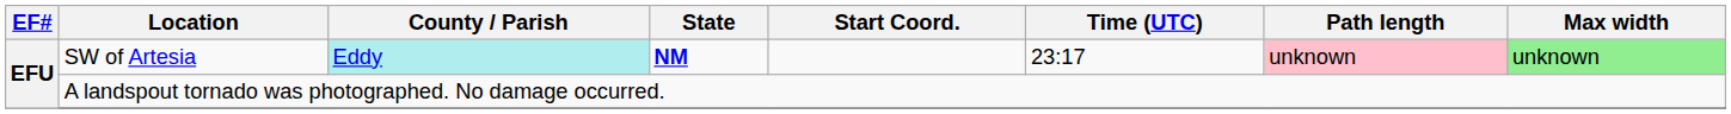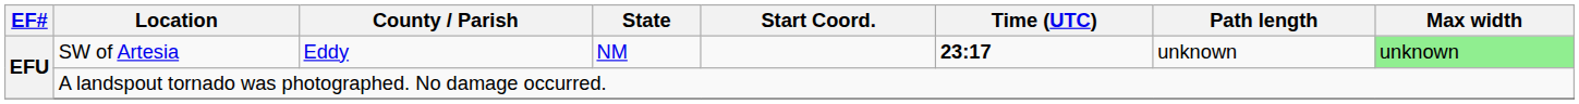 <table class="wikitable sortable" style="width:100%;">
 <tr>
 <th scope="col" width="2%" align="center"><a href='#'>EF#</a></th>
 <th scope="col" align="center" class="unsortable">Location</th>
 <th scope="col" align="center" class="unsortable">County / Parish</th>
 <th scope="col" align="center">State</th>
 <th scope="col" align="center">Start Coord.</th>
 <th scope="col" align="center">Time (<a href='#'>UTC</a>)</th>
 <th scope="col" align="center">Path length</th>
 <th scope="col" align="center">Max width</th>
 </tr>
 <tr>
 <th scope="row" rowspan="2" style="background-color:#">EFU</th>
 <td>SW of <a href='#'>Artesia</a></td>
-<td style="background: paleturquoise;"><a href='#'>Eddy</a></td>
-<td><strong><a href='#'>NM</a></strong></td>
+<td><a href='#'>Eddy</a></td>
+<td><a href='#'>NM</a></td>
 <td></td>
-<td>23:17</td>
-<td style="background: pink;">unknown</td>
+<td><strong>23:17</strong></td>
+<td>unknown</td>
 <td style="background: lightgreen;">unknown</td>
 </tr>
 <tr class="expand-child">
 <td colspan="8" style=" border-bottom: 1px solid black;">A landspout tornado was photographed. No damage occurred.</td>
 </tr>
 <tr>
 </tr>
 </table>
